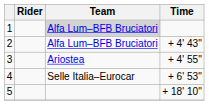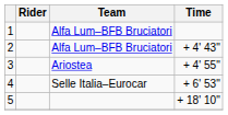 <table class="wikitable">
 <tr>
 <th></th>
 <th>Rider</th>
 <th>Team</th>
 <th>Time</th>
 </tr>
 <tr>
 <td>1</td>
 <td> </td>
-<td style="background: lightgrey;"><a href='#'>Alfa Lum–BFB Bruciatori</a></td>
+<td><a href='#'>Alfa Lum–BFB Bruciatori</a></td>
 <td align=right></td>
 </tr>
 <tr>
 <td>2</td>
 <td></td>
 <td><a href='#'>Alfa Lum–BFB Bruciatori</a></td>
 <td align=right>+ 4' 43"</td>
 </tr>
 <tr>
 <td>3</td>
 <td></td>
 <td><a href='#'>Ariostea</a></td>
 <td align=right>+ 4' 55"</td>
 </tr>
 <tr>
 <td>4</td>
 <td></td>
 <td>Selle Italia–Eurocar</td>
 <td align=right>+ 6' 53"</td>
 </tr>
 <tr>
 <td>5</td>
 <td></td>
 <td></td>
 <td align=right>+ 18' 10"</td>
 </tr>
 <tr>
 </tr>
 </table>
